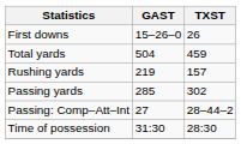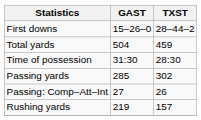 <table class="wikitable" style="float: left;">
 <tr>
 <th>Statistics</th>
 <th>GAST</th>
 <th>TXST</th>
 </tr>
 <tr>
 <td>First downs</td>
 <td>15–26–0</td>
-<td>26</td>
+<td>28–44–2</td>
 </tr>
 <tr>
 <td>Total yards</td>
 <td>504</td>
 <td>459</td>
 </tr>
 <tr>
-<td>Rushing yards</td>
-<td>219</td>
-<td>157</td>
+<td>Time of possession</td>
+<td>31:30</td>
+<td>28:30</td>
 </tr>
 <tr>
 <td>Passing yards</td>
 <td>285</td>
 <td>302</td>
 </tr>
 <tr>
 <td>Passing: Comp–Att–Int</td>
 <td>27</td>
-<td>28–44–2</td>
+<td>26</td>
 </tr>
 <tr>
-<td>Time of possession</td>
-<td>31:30</td>
-<td>28:30</td>
+<td>Rushing yards</td>
+<td>219</td>
+<td>157</td>
 </tr>
 <tr>
 </tr>
 </table>
